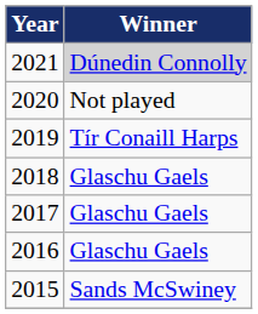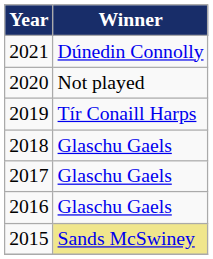 <table class="wikitable">
 <tr>
 <th style="background:#182D69;color:white">Year</th>
 <th style="background:#182D69;color:white">Winner</th>
 </tr>
 <tr>
 <td>2021</td>
-<td style="background: lightgrey;"><a href='#'>Dúnedin Connolly</a></td>
+<td><a href='#'>Dúnedin Connolly</a></td>
 </tr>
 <tr>
 <td>2020</td>
 <td>Not played</td>
 </tr>
 <tr>
 <td>2019</td>
 <td><a href='#'>Tír Conaill Harps</a></td>
 </tr>
 <tr>
 <td>2018</td>
 <td><a href='#'>Glaschu Gaels</a></td>
 </tr>
 <tr>
 <td>2017</td>
 <td><a href='#'>Glaschu Gaels</a></td>
 </tr>
 <tr>
 <td>2016</td>
 <td><a href='#'>Glaschu Gaels</a></td>
 </tr>
 <tr>
 <td>2015</td>
-<td><a href='#'>Sands McSwiney</a></td>
+<td style="background: khaki;"><a href='#'>Sands McSwiney</a></td>
 </tr>
 <tr>
 </tr>
 </table>
